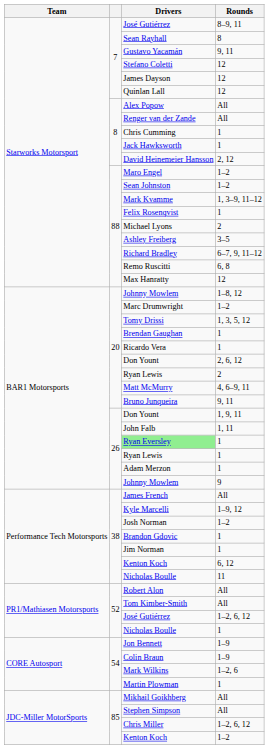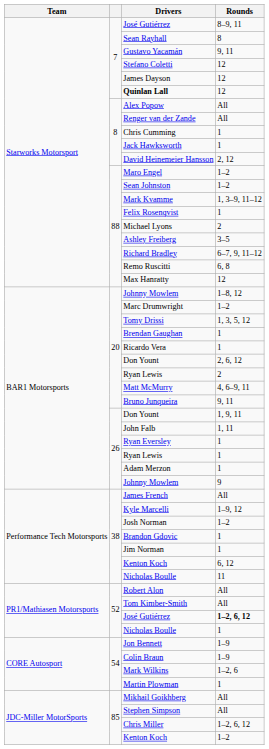 <table class="wikitable" style="font-size: 85%">
 <tr>
 <th>Team</th>
 <th></th>
 <th>Drivers</th>
 <th>Rounds</th>
 </tr>
 <tr>
 <td rowspan=20> <a href='#'>Starworks Motorsport</a></td>
 <td rowspan=6 align=middle>7</td>
 <td> <a href='#'>José Gutiérrez</a></td>
 <td>8–9, 11</td>
 </tr>
 <tr>
 <td> <a href='#'>Sean Rayhall</a></td>
 <td>8</td>
 </tr>
 <tr>
 <td> <a href='#'>Gustavo Yacamán</a></td>
 <td>9, 11</td>
 </tr>
 <tr>
 <td> <a href='#'>Stefano Coletti</a></td>
 <td>12</td>
 </tr>
 <tr>
 <td> James Dayson</td>
 <td>12</td>
 </tr>
 <tr>
-<td> Quinlan Lall</td>
+<td><strong> Quinlan Lall</strong></td>
 <td>12</td>
 </tr>
 <tr>
 <td rowspan=5 align=middle>8</td>
 <td> <a href='#'>Alex Popow</a></td>
 <td>All</td>
 </tr>
 <tr>
 <td> <a href='#'>Renger van der Zande</a></td>
 <td>All</td>
 </tr>
 <tr>
 <td> Chris Cumming</td>
 <td>1</td>
 </tr>
 <tr>
 <td> <a href='#'>Jack Hawksworth</a></td>
 <td>1</td>
 </tr>
 <tr>
 <td> <a href='#'>David Heinemeier Hansson</a></td>
 <td>2, 12</td>
 </tr>
 <tr>
 <td rowspan=9 align=middle>88</td>
 <td> <a href='#'>Maro Engel</a></td>
 <td>1–2</td>
 </tr>
 <tr>
 <td> <a href='#'>Sean Johnston</a></td>
 <td>1–2</td>
 </tr>
 <tr>
 <td> <a href='#'>Mark Kvamme</a></td>
 <td>1, 3–9, 11–12</td>
 </tr>
 <tr>
 <td> <a href='#'>Felix Rosenqvist</a></td>
 <td>1</td>
 </tr>
 <tr>
 <td> Michael Lyons</td>
 <td>2</td>
 </tr>
 <tr>
 <td> <a href='#'>Ashley Freiberg</a></td>
 <td>3–5</td>
 </tr>
 <tr>
 <td> <a href='#'>Richard Bradley</a></td>
 <td>6–7, 9, 11–12</td>
 </tr>
 <tr>
 <td> Remo Ruscitti</td>
 <td>6, 8</td>
 </tr>
 <tr>
 <td> Max Hanratty</td>
 <td>12</td>
 </tr>
 <tr>
 <td rowspan=15> BAR1 Motorsports</td>
 <td rowspan=9 align=middle>20</td>
 <td> <a href='#'>Johnny Mowlem</a></td>
 <td>1–8, 12</td>
 </tr>
 <tr>
 <td> Marc Drumwright</td>
 <td>1–2</td>
 </tr>
 <tr>
 <td> <a href='#'>Tomy Drissi</a></td>
 <td>1, 3, 5, 12</td>
 </tr>
 <tr>
 <td> <a href='#'>Brendan Gaughan</a></td>
 <td>1</td>
 </tr>
 <tr>
 <td> Ricardo Vera</td>
 <td>1</td>
 </tr>
 <tr>
 <td> Don Yount</td>
 <td>2, 6, 12</td>
 </tr>
 <tr>
 <td> Ryan Lewis</td>
 <td>2</td>
 </tr>
 <tr>
 <td> <a href='#'>Matt McMurry</a></td>
 <td>4, 6–9, 11</td>
 </tr>
 <tr>
 <td> <a href='#'>Bruno Junqueira</a></td>
 <td>9, 11</td>
 </tr>
 <tr>
 <td rowspan=6 align=middle>26</td>
 <td> Don Yount</td>
 <td>1, 9, 11</td>
 </tr>
 <tr>
 <td> John Falb</td>
 <td>1, 11</td>
 </tr>
 <tr>
-<td style="background: lightgreen;"> <a href='#'>Ryan Eversley</a></td>
+<td> <a href='#'>Ryan Eversley</a></td>
 <td>1</td>
 </tr>
 <tr>
 <td> Ryan Lewis</td>
 <td>1</td>
 </tr>
 <tr>
 <td> Adam Merzon</td>
 <td>1</td>
 </tr>
 <tr>
 <td> <a href='#'>Johnny Mowlem</a></td>
 <td>9</td>
 </tr>
 <tr>
 <td rowspan=7> Performance Tech Motorsports</td>
 <td rowspan=7 align=middle>38</td>
 <td> <a href='#'>James French</a></td>
 <td>All</td>
 </tr>
 <tr>
 <td> <a href='#'>Kyle Marcelli</a></td>
 <td>1–9, 12</td>
 </tr>
 <tr>
 <td> Josh Norman</td>
 <td>1–2</td>
 </tr>
 <tr>
 <td> <a href='#'>Brandon Gdovic</a></td>
 <td>1</td>
 </tr>
 <tr>
 <td> Jim Norman</td>
 <td>1</td>
 </tr>
 <tr>
 <td> <a href='#'>Kenton Koch</a></td>
 <td>6, 12</td>
 </tr>
 <tr>
 <td> <a href='#'>Nicholas Boulle</a></td>
 <td>11</td>
 </tr>
 <tr>
 <td rowspan=4> <a href='#'>PR1/Mathiasen Motorsports</a></td>
 <td rowspan=4 align=middle>52</td>
 <td> <a href='#'>Robert Alon</a></td>
 <td>All</td>
 </tr>
 <tr>
 <td> <a href='#'>Tom Kimber-Smith</a></td>
 <td>All</td>
 </tr>
 <tr>
 <td> <a href='#'>José Gutiérrez</a></td>
-<td>1–2, 6, 12</td>
+<td><strong>1–2, 6, 12</strong></td>
 </tr>
 <tr>
 <td> <a href='#'>Nicholas Boulle</a></td>
 <td>1</td>
 </tr>
 <tr>
 <td rowspan=4> <a href='#'>CORE Autosport</a></td>
 <td rowspan=4 align=middle>54</td>
 <td> <a href='#'>Jon Bennett</a></td>
 <td>1–9</td>
 </tr>
 <tr>
 <td> <a href='#'>Colin Braun</a></td>
 <td>1–9</td>
 </tr>
 <tr>
 <td> <a href='#'>Mark Wilkins</a></td>
 <td>1–2, 6</td>
 </tr>
 <tr>
 <td> <a href='#'>Martin Plowman</a></td>
 <td>1</td>
 </tr>
 <tr>
 <td rowspan=4> <a href='#'>JDC-Miller MotorSports</a></td>
 <td rowspan=4 align=middle>85</td>
 <td> <a href='#'>Mikhail Goikhberg</a></td>
 <td>All</td>
 </tr>
 <tr>
 <td> <a href='#'>Stephen Simpson</a></td>
 <td>All</td>
 </tr>
 <tr>
 <td> <a href='#'>Chris Miller</a></td>
 <td>1–2, 6, 12</td>
 </tr>
 <tr>
 <td> <a href='#'>Kenton Koch</a></td>
 <td>1–2</td>
 </tr>
 </table>
